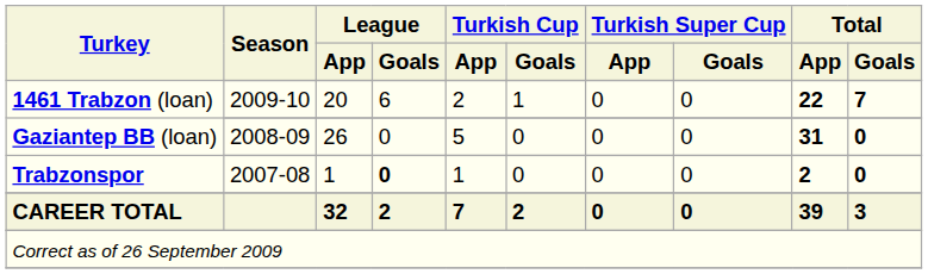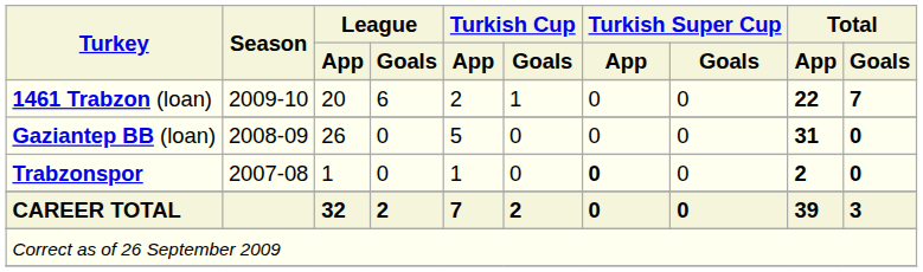 <table border=1 align=center cellpadding=4 cellspacing=2 style="background: ivory; font-size: 95%; border: 1px #aaaaaa solid; border-collapse: collapse; clear:center">
 <tr style="background:beige">
 <th rowspan="2"><strong><a href='#'>Turkey</a></strong></th>
 <th rowspan="2">Season</th>
 <th colspan="2">League</th>
 <th colspan="2"><a href='#'>Turkish Cup</a></th>
 <th colspan="2"><a href='#'>Turkish Super Cup</a></th>
 <th colspan="2">Total</th>
 </tr>
 <tr style="background:beige">
 <th>App</th>
 <th>Goals</th>
 <th>App</th>
 <th>Goals</th>
 <th>App</th>
 <th>Goals</th>
 <th>App</th>
 <th>Goals</th>
 </tr>
 <tr>
 <td rowspan="2" align=left><strong><a href='#'>1461 Trabzon</a></strong> (loan)</td>
 </tr>
 <tr>
 <td>2009-10</td>
 <td>20</td>
 <td>6</td>
 <td>2</td>
 <td>1</td>
 <td>0</td>
 <td>0</td>
 <td><strong>22</strong></td>
 <td><strong>7</strong></td>
 </tr>
 <tr>
 <td rowspan="2" align=left><strong><a href='#'>Gaziantep BB</a></strong> (loan)</td>
 </tr>
 <tr>
 <td>2008-09</td>
 <td>26</td>
 <td>0</td>
 <td>5</td>
 <td>0</td>
 <td>0</td>
 <td>0</td>
 <td><strong>31</strong></td>
 <td><strong>0</strong></td>
 </tr>
 <tr>
 <td rowspan="2" align=left><strong><a href='#'>Trabzonspor</a></strong></td>
 </tr>
 <tr>
 <td>2007-08</td>
 <td>1</td>
-<td><strong>0</strong></td>
+<td>0</td>
 <td>1</td>
 <td>0</td>
-<td>0</td>
+<td><strong>0</strong></td>
 <td>0</td>
 <td><strong>2</strong></td>
 <td><strong>0</strong></td>
 </tr>
 <tr>
 </tr>
 <tr style="background:beige">
 <th align=left style="background:beige"><strong>CAREER TOTAL</strong></th>
 <th align=left style="background:beige" colspan="1"></th>
 <th align=left style="background:beige"><strong>32</strong></th>
 <th align=left style="background:beige"><strong>2</strong></th>
 <th align=left style="background:beige"><strong>7</strong></th>
 <th align=left style="background:beige"><strong>2</strong></th>
 <th align=left style="background:beige"><strong>0</strong></th>
 <th align=left style="background:beige"><strong>0</strong></th>
 <th align=left style="background:beige">39</th>
 <th align=left style="background:beige">3</th>
 </tr>
 <tr style="background:beige">
 </tr>
 <tr>
 <td colspan="12"><small><em>Correct as of 26 September 2009</em></small></td>
 </tr>
 <tr>
 </tr>
 </table>
